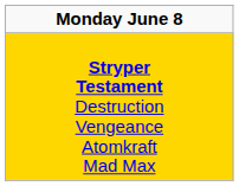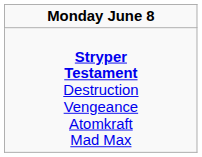 <table class="wikitable">
 <tr>
 <td colspan="3" align="center"><strong>Monday June 8</strong></td>
 </tr>
 <tr>
-<td valign="top" align="center" width=200 style="background: gold;"><br><strong><a href='#'>Stryper</a></strong> <br><strong><a href='#'>Testament</a></strong> <br><a href='#'>Destruction</a> <br><a href='#'>Vengeance</a> <br><a href='#'>Atomkraft</a> <br><a href='#'>Mad Max</a></td>
+<td valign="top" align="center" width=200><br><strong><a href='#'>Stryper</a></strong> <br><strong><a href='#'>Testament</a></strong> <br><a href='#'>Destruction</a> <br><a href='#'>Vengeance</a> <br><a href='#'>Atomkraft</a> <br><a href='#'>Mad Max</a></td>
 </tr>
 </table>
